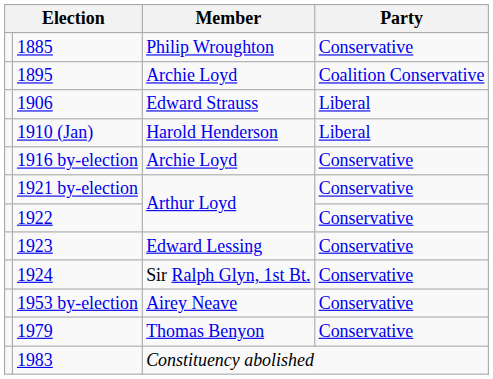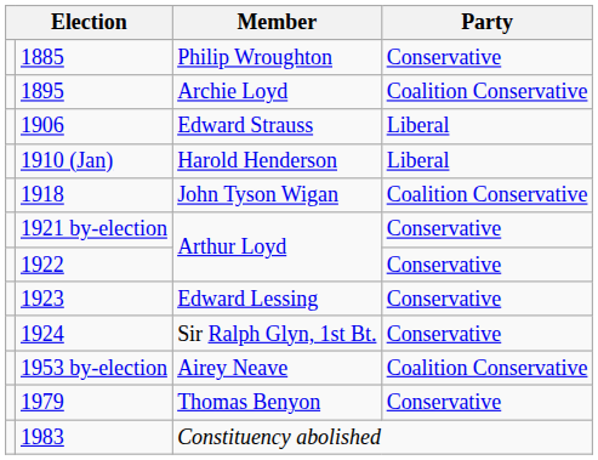 <table class="wikitable">
 <tr>
 <th colspan="2">Election</th>
 <th>Member</th>
 <th>Party</th>
 </tr>
 <tr>
 <td style="color:inherit;background-color: "></td>
 <td><a href='#'>1885</a></td>
 <td><a href='#'>Philip Wroughton</a></td>
 <td><a href='#'>Conservative</a></td>
 </tr>
 <tr>
 <td style="color:inherit;background-color: "></td>
 <td><a href='#'>1895</a></td>
 <td><a href='#'>Archie Loyd</a></td>
 <td><a href='#'>Coalition Conservative</a></td>
 </tr>
 <tr>
 <td style="color:inherit;background-color: "></td>
 <td><a href='#'>1906</a></td>
 <td><a href='#'>Edward Strauss</a></td>
 <td><a href='#'>Liberal</a></td>
 </tr>
 <tr>
 <td style="color:inherit;background-color: "></td>
 <td><a href='#'>1910 (Jan)</a></td>
 <td><a href='#'>Harold Henderson</a></td>
 <td><a href='#'>Liberal</a></td>
 </tr>
 <tr>
 <td style="color:inherit;background-color: "></td>
-<td><a href='#'>1916 by-election</a></td>
-<td><a href='#'>Archie Loyd</a></td>
-<td><a href='#'>Conservative</a></td>
+<td><a href='#'>1918</a></td>
+<td><a href='#'>John Tyson Wigan</a></td>
+<td><a href='#'>Coalition Conservative</a></td>
 </tr>
 <tr>
 <td style="color:inherit;background-color: "></td>
 <td><a href='#'>1921 by-election</a></td>
 <td rowspan="2"><a href='#'>Arthur Loyd</a></td>
 <td><a href='#'>Conservative</a></td>
 </tr>
 <tr>
 <td style="color:inherit;background-color: "></td>
 <td><a href='#'>1922</a></td>
 <td><a href='#'>Conservative</a></td>
 </tr>
 <tr>
 <td style="color:inherit;background-color: "></td>
 <td><a href='#'>1923</a></td>
 <td><a href='#'>Edward Lessing</a></td>
 <td><a href='#'>Conservative</a></td>
 </tr>
 <tr>
 <td style="color:inherit;background-color: "></td>
 <td><a href='#'>1924</a></td>
 <td>Sir <a href='#'>Ralph Glyn, 1st Bt.</a></td>
 <td><a href='#'>Conservative</a></td>
 </tr>
 <tr>
 <td style="color:inherit;background-color: "></td>
 <td><a href='#'>1953 by-election</a></td>
 <td><a href='#'>Airey Neave</a></td>
-<td><a href='#'>Conservative</a></td>
+<td><a href='#'>Coalition Conservative</a></td>
 </tr>
 <tr>
 <td style="color:inherit;background-color: "></td>
 <td><a href='#'>1979</a></td>
 <td><a href='#'>Thomas Benyon</a></td>
 <td><a href='#'>Conservative</a></td>
 </tr>
 <tr>
 <td></td>
 <td><a href='#'>1983</a></td>
 <td colspan="2"><em>Constituency abolished</em></td>
 </tr>
 </table>
